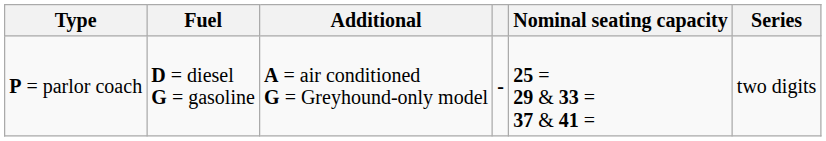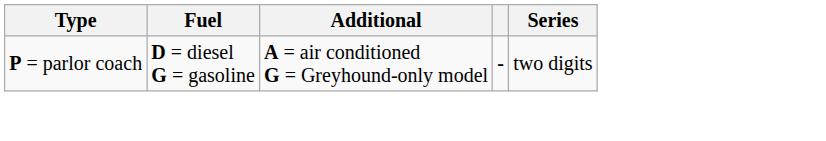 <table class="wikitable">
 <tr>
 <th>Type</th>
 <th>Fuel</th>
 <th>Additional</th>
 <th></th>
-<th>Nominal seating capacity</th>
 <th>Series</th>
 </tr>
 <tr>
 <td><strong>P</strong> = parlor coach</td>
 <td nowrap><strong>D</strong> = diesel<br><strong>G</strong> = gasoline</td>
 <td nowrap><strong>A</strong> = air conditioned<br><strong>G</strong> = Greyhound-only model</td>
 <td><strong>-</strong></td>
-<td nowrap><br><strong>25</strong> = <br> <strong>29</strong> & <strong>33</strong> = <br> <strong>37</strong> & <strong>41</strong> = </td>
 <td nowrap>two digits</td>
 </tr>
 </table>
